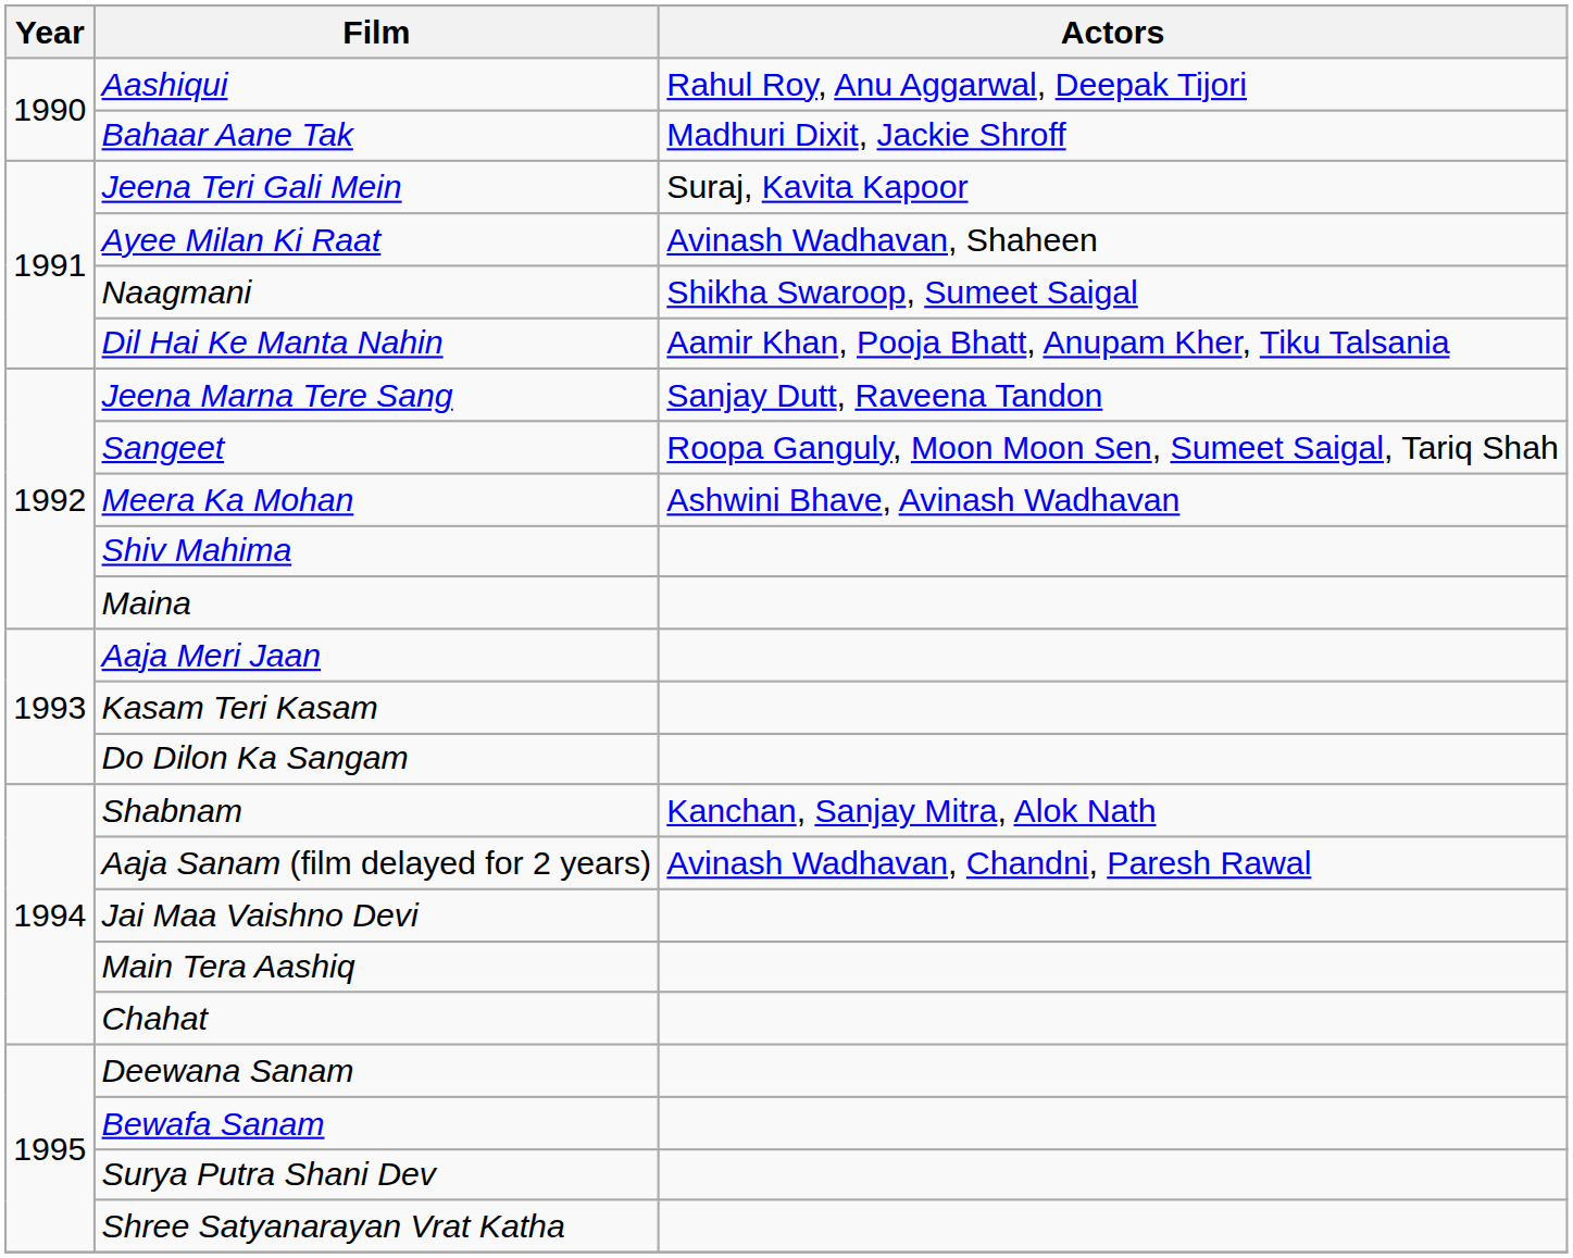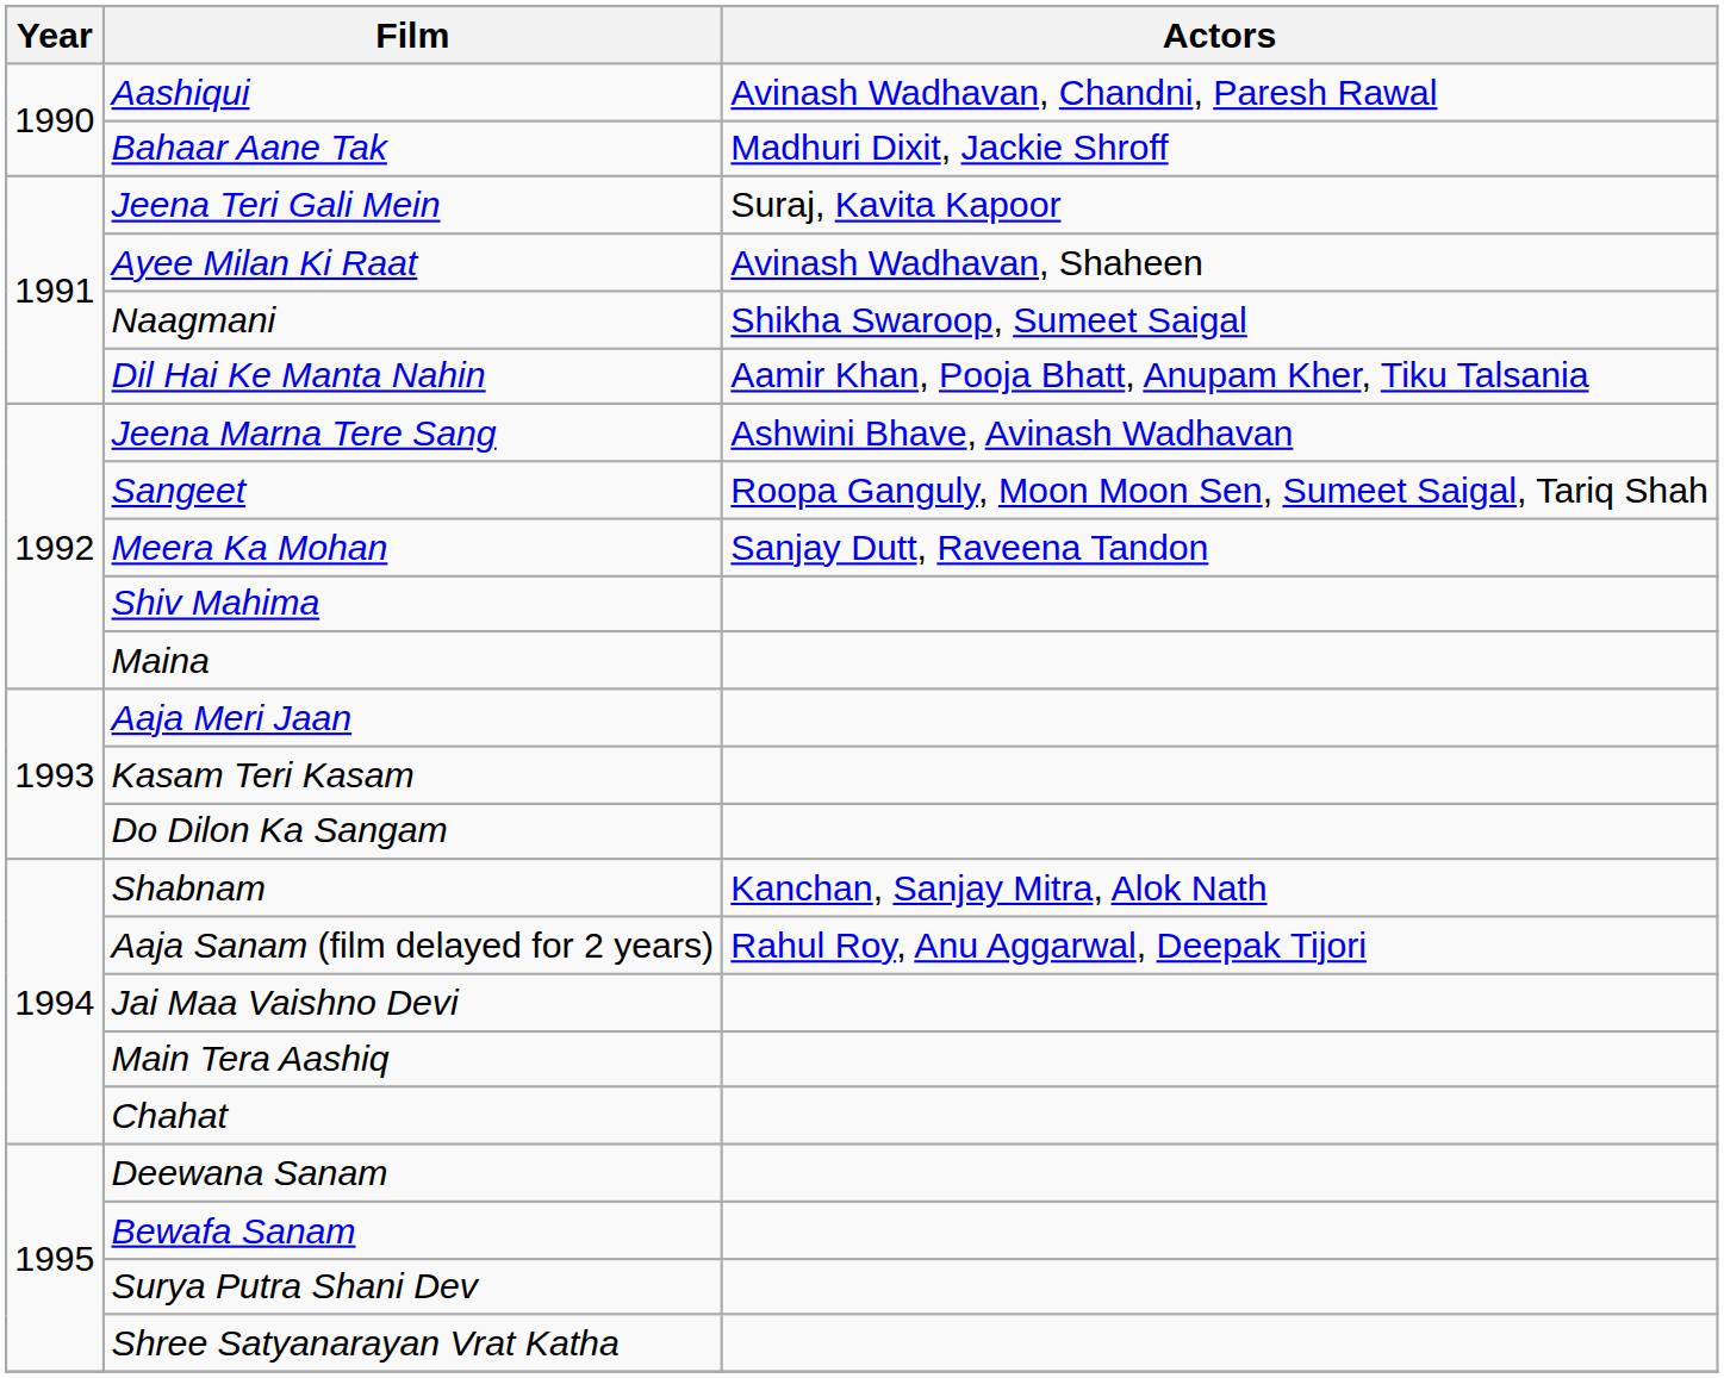 <table class="wikitable" style="font-size:90%">
 <tr>
 <th>Year</th>
 <th>Film</th>
 <th>Actors</th>
 </tr>
 <tr>
 <td rowspan="2">1990</td>
 <td><em><a href='#'>Aashiqui</a></em></td>
-<td><a href='#'>Rahul Roy</a>, <a href='#'>Anu Aggarwal</a>, <a href='#'>Deepak Tijori</a></td>
+<td><a href='#'>Avinash Wadhavan</a>, <a href='#'>Chandni</a>, <a href='#'>Paresh Rawal</a></td>
 </tr>
 <tr>
 <td><em><a href='#'>Bahaar Aane Tak</a></em></td>
 <td><a href='#'>Madhuri Dixit</a>, <a href='#'>Jackie Shroff</a></td>
 </tr>
 <tr>
 <td rowspan="4">1991</td>
 <td><em><a href='#'>Jeena Teri Gali Mein</a></em></td>
 <td>Suraj, <a href='#'>Kavita Kapoor</a></td>
 </tr>
 <tr>
 <td><em><a href='#'>Ayee Milan Ki Raat</a></em></td>
 <td><a href='#'>Avinash Wadhavan</a>, Shaheen</td>
 </tr>
 <tr>
 <td><em>Naagmani</em></td>
 <td><a href='#'>Shikha Swaroop</a>, <a href='#'>Sumeet Saigal</a></td>
 </tr>
 <tr>
 <td><em><a href='#'>Dil Hai Ke Manta Nahin</a></em></td>
 <td><a href='#'>Aamir Khan</a>, <a href='#'>Pooja Bhatt</a>, <a href='#'>Anupam Kher</a>, <a href='#'>Tiku Talsania</a></td>
 </tr>
 <tr>
 <td rowspan="5">1992</td>
 <td><em><a href='#'>Jeena Marna Tere Sang</a></em></td>
-<td><a href='#'>Sanjay Dutt</a>, <a href='#'>Raveena Tandon</a></td>
+<td><a href='#'>Ashwini Bhave</a>, <a href='#'>Avinash Wadhavan</a></td>
 </tr>
 <tr>
 <td><em><a href='#'>Sangeet</a></em></td>
 <td><a href='#'>Roopa Ganguly</a>, <a href='#'>Moon Moon Sen</a>, <a href='#'>Sumeet Saigal</a>, Tariq Shah</td>
 </tr>
 <tr>
 <td><em><a href='#'>Meera Ka Mohan</a></em></td>
-<td><a href='#'>Ashwini Bhave</a>, <a href='#'>Avinash Wadhavan</a></td>
+<td><a href='#'>Sanjay Dutt</a>, <a href='#'>Raveena Tandon</a></td>
 </tr>
 <tr>
 <td><em><a href='#'>Shiv Mahima</a></em></td>
 <td></td>
 </tr>
 <tr>
 <td><em>Maina</em></td>
 <td></td>
 </tr>
 <tr>
 <td rowspan="3">1993</td>
 <td><em><a href='#'>Aaja Meri Jaan</a></em></td>
 <td></td>
 </tr>
 <tr>
 <td><em>Kasam Teri Kasam</em></td>
 <td></td>
 </tr>
 <tr>
 <td><em>Do Dilon Ka Sangam</em></td>
 <td></td>
 </tr>
 <tr>
 <td rowspan="5">1994</td>
 <td><em>Shabnam</em></td>
 <td><a href='#'>Kanchan</a>, <a href='#'>Sanjay Mitra</a>, <a href='#'>Alok Nath</a></td>
 </tr>
 <tr>
 <td><em>Aaja Sanam</em> (film delayed for 2 years)</td>
-<td><a href='#'>Avinash Wadhavan</a>, <a href='#'>Chandni</a>, <a href='#'>Paresh Rawal</a></td>
+<td><a href='#'>Rahul Roy</a>, <a href='#'>Anu Aggarwal</a>, <a href='#'>Deepak Tijori</a></td>
 </tr>
 <tr>
 <td><em>Jai Maa Vaishno Devi</em></td>
 <td></td>
 </tr>
 <tr>
 <td><em>Main Tera Aashiq</em></td>
 <td></td>
 </tr>
 <tr>
 <td><em>Chahat</em></td>
 <td></td>
 </tr>
 <tr>
 <td rowspan="4">1995</td>
 <td><em>Deewana Sanam</em></td>
 <td></td>
 </tr>
 <tr>
 <td><em><a href='#'>Bewafa Sanam</a></em></td>
 <td></td>
 </tr>
 <tr>
 <td><em>Surya Putra Shani Dev</em></td>
 <td></td>
 </tr>
 <tr>
 <td><em>Shree Satyanarayan Vrat Katha</em></td>
 <td></td>
 </tr>
 <tr>
 </tr>
 </table>
